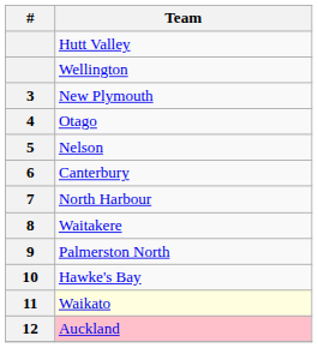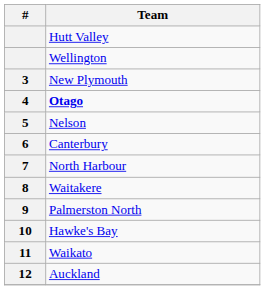 <table class="wikitable" width="15%" style="font-size:95%; text-align:center">
 <tr>
 <th>#</th>
 <th>Team</th>
 </tr>
 <tr>
 <th></th>
 <td align=left><a href='#'>Hutt Valley</a></td>
 </tr>
 <tr>
 <th></th>
 <td align=left><a href='#'>Wellington</a></td>
 </tr>
 <tr>
 <th>3</th>
 <td align=left><a href='#'>New Plymouth</a></td>
 </tr>
 <tr>
 <th>4</th>
-<td align=left><a href='#'>Otago</a></td>
+<td align=left><strong><a href='#'>Otago</a></strong></td>
 </tr>
 <tr>
 <th>5</th>
 <td align=left><a href='#'>Nelson</a></td>
 </tr>
 <tr>
 <th>6</th>
 <td align=left><a href='#'>Canterbury</a></td>
 </tr>
 <tr>
 <th>7</th>
 <td align=left><a href='#'>North Harbour</a></td>
 </tr>
 <tr>
 <th>8</th>
 <td align=left><a href='#'>Waitakere</a></td>
 </tr>
 <tr>
 <th>9</th>
 <td align=left><a href='#'>Palmerston North</a></td>
 </tr>
 <tr>
 <th>10</th>
 <td align=left><a href='#'>Hawke's Bay</a></td>
 </tr>
 <tr>
 <th>11</th>
-<td align=left style="background: lightyellow;"><a href='#'>Waikato</a></td>
+<td align=left><a href='#'>Waikato</a></td>
 </tr>
 <tr>
 <th>12</th>
-<td align=left style="background: pink;"><a href='#'>Auckland</a></td>
+<td align=left><a href='#'>Auckland</a></td>
 </tr>
 <tr>
 </tr>
 </table>
